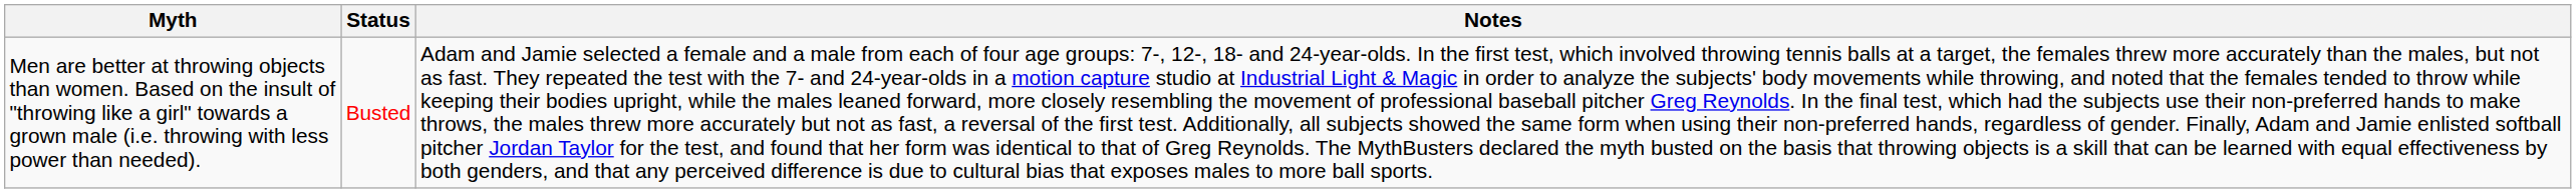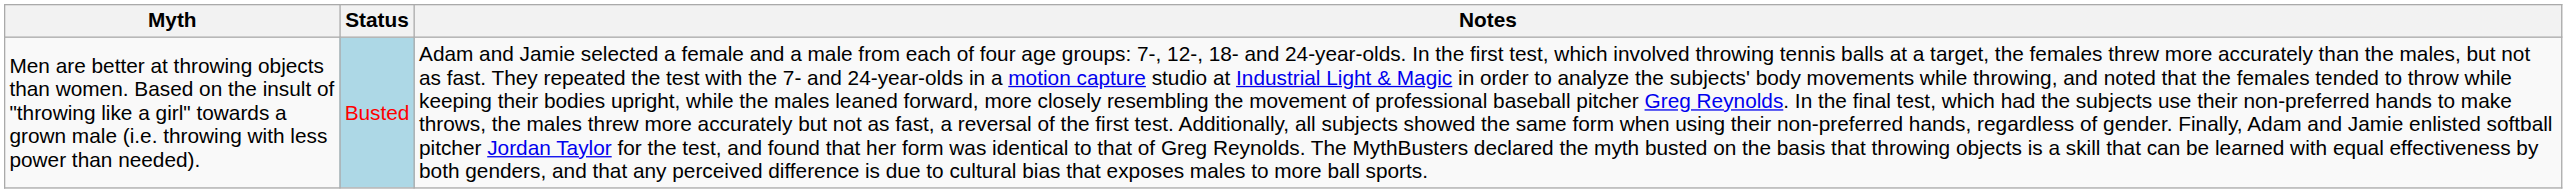 <table class="wikitable plainrowheaders">
 <tr>
 <th scope"col">Myth</th>
 <th scope"col">Status</th>
 <th scope"col">Notes</th>
 </tr>
 <tr>
 <td scope"row">Men are better at throwing objects than women. Based on the insult of "throwing like a girl" towards a grown male (i.e. throwing with less power than needed).</td>
-<td style="color:red">Busted</td>
+<td style="background: lightblue; color:red">Busted</td>
 <td>Adam and Jamie selected a female and a male from each of four age groups: 7-, 12-, 18- and 24-year-olds. In the first test, which involved throwing tennis balls at a target, the females threw more accurately than the males, but not as fast. They repeated the test with the 7- and 24-year-olds in a <a href='#'>motion capture</a> studio at <a href='#'>Industrial Light & Magic</a> in order to analyze the subjects' body movements while throwing, and noted that the females tended to throw while keeping their bodies upright, while the males leaned forward, more closely resembling the movement of professional baseball pitcher <a href='#'>Greg Reynolds</a>. In the final test, which had the subjects use their non-preferred hands to make throws, the males threw more accurately but not as fast, a reversal of the first test. Additionally, all subjects showed the same form when using their non-preferred hands, regardless of gender. Finally, Adam and Jamie enlisted softball pitcher <a href='#'>Jordan Taylor</a> for the test, and found that her form was identical to that of Greg Reynolds. The MythBusters declared the myth busted on the basis that throwing objects is a skill that can be learned with equal effectiveness by both genders, and that any perceived difference is due to cultural bias that exposes males to more ball sports.</td>
 </tr>
 </table>
